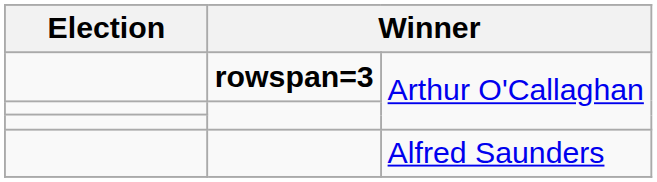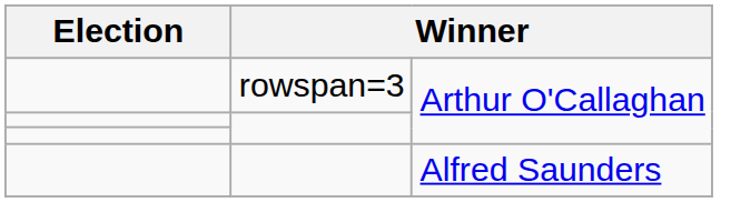 <table class=wikitable>
 <tr>
 <th width=100>Election</th>
 <th width=175 colspan=2>Winner</th>
 </tr>
 <tr>
 <td></td>
-<td><strong>rowspan=3 </strong></td>
+<td>rowspan=3 </td>
 <td rowspan=3><a href='#'>Arthur O'Callaghan</a></td>
 </tr>
 <tr>
 <td></td>
 </tr>
 <tr>
 <td></td>
 </tr>
 <tr>
 <td></td>
 <td></td>
 <td><a href='#'>Alfred Saunders</a></td>
 </tr>
 </table>
